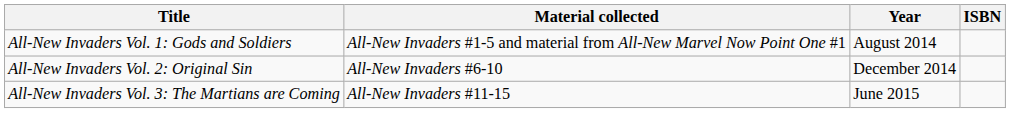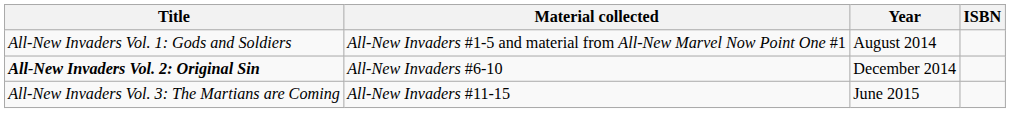 <table class="wikitable sortable">
 <tr>
 <th>Title</th>
 <th>Material collected</th>
 <th>Year</th>
 <th>ISBN</th>
 </tr>
 <tr>
 <td><em>All-New Invaders Vol. 1: Gods and Soldiers</em></td>
 <td><em>All-New Invaders</em> #1-5 and material from <em>All-New Marvel Now Point One</em> #1</td>
 <td>August 2014</td>
 <td></td>
 </tr>
 <tr>
-<td><em>All-New Invaders Vol. 2: Original Sin</em></td>
+<td><strong><em>All-New Invaders Vol. 2: Original Sin</em></strong></td>
 <td><em>All-New Invaders</em> #6-10</td>
 <td>December 2014</td>
 <td></td>
 </tr>
 <tr>
 <td><em>All-New Invaders Vol. 3: The Martians are Coming</em></td>
 <td><em>All-New Invaders</em> #11-15</td>
 <td>June 2015</td>
 <td></td>
 </tr>
 </table>
